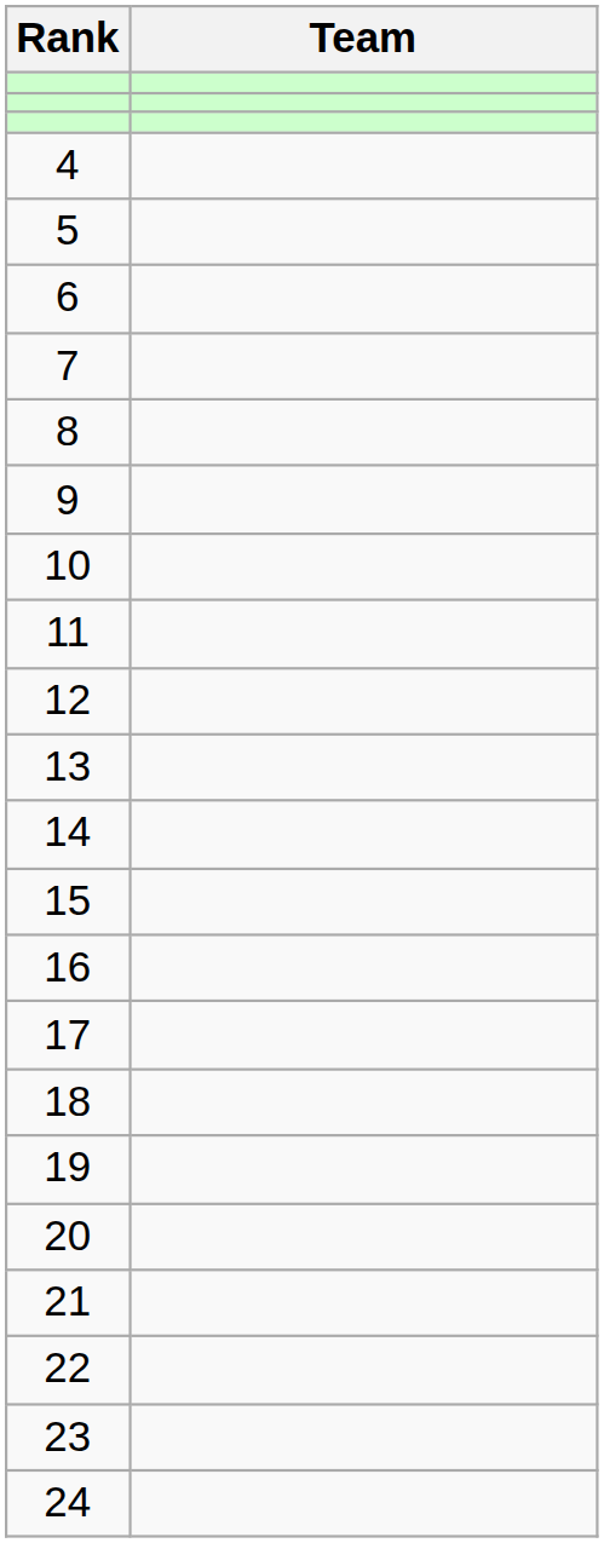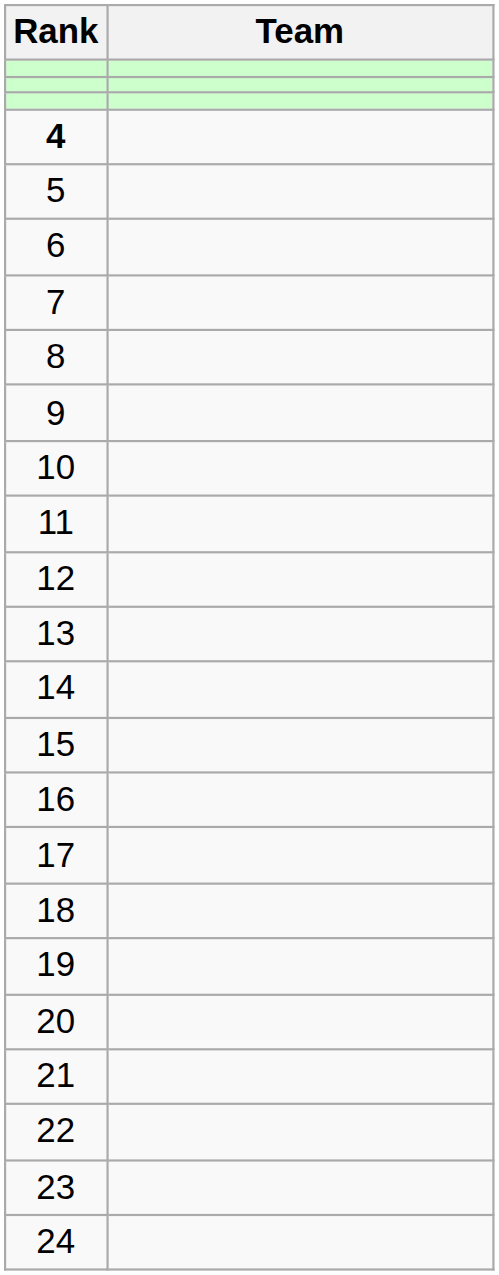 <table class="wikitable">
 <tr>
 <th>Rank</th>
 <th style="width: 170px;">Team</th>
 </tr>
 <tr style="background: #CCFFCC;">
 <td style="text-align: center;"></td>
 <td></td>
 </tr>
 <tr style="background: #CCFFCC;">
 <td style="text-align: center;"></td>
 <td></td>
 </tr>
 <tr style="background: #CCFFCC;">
 <td style="text-align: center;"></td>
 <td></td>
 </tr>
 <tr>
-<td style="text-align: center;">4</td>
+<td style="text-align: center;"><strong>4</strong></td>
 <td></td>
 </tr>
 <tr>
 <td style="text-align: center;">5</td>
 <td></td>
 </tr>
 <tr>
 <td style="text-align: center;">6</td>
 <td></td>
 </tr>
 <tr>
 <td style="text-align: center;">7</td>
 <td></td>
 </tr>
 <tr>
 <td style="text-align: center;">8</td>
 <td></td>
 </tr>
 <tr>
 <td style="text-align: center;">9</td>
 <td></td>
 </tr>
 <tr>
 <td style="text-align: center;">10</td>
 <td></td>
 </tr>
 <tr>
 <td style="text-align: center;">11</td>
 <td></td>
 </tr>
 <tr>
 <td style="text-align: center;">12</td>
 <td></td>
 </tr>
 <tr>
 <td style="text-align: center;">13</td>
 <td></td>
 </tr>
 <tr>
 <td style="text-align: center;">14</td>
 <td></td>
 </tr>
 <tr>
 <td style="text-align: center;">15</td>
 <td></td>
 </tr>
 <tr>
 <td style="text-align: center;">16</td>
 <td></td>
 </tr>
 <tr>
 <td style="text-align: center;">17</td>
 <td></td>
 </tr>
 <tr>
 <td style="text-align: center;">18</td>
 <td></td>
 </tr>
 <tr>
 <td style="text-align: center;">19</td>
 <td></td>
 </tr>
 <tr>
 <td style="text-align: center;">20</td>
 <td></td>
 </tr>
 <tr>
 <td style="text-align: center;">21</td>
 <td></td>
 </tr>
 <tr>
 <td style="text-align: center;">22</td>
 <td></td>
 </tr>
 <tr>
 <td style="text-align: center;">23</td>
 <td></td>
 </tr>
 <tr>
 <td style="text-align: center;">24</td>
 <td></td>
 </tr>
 </table>
